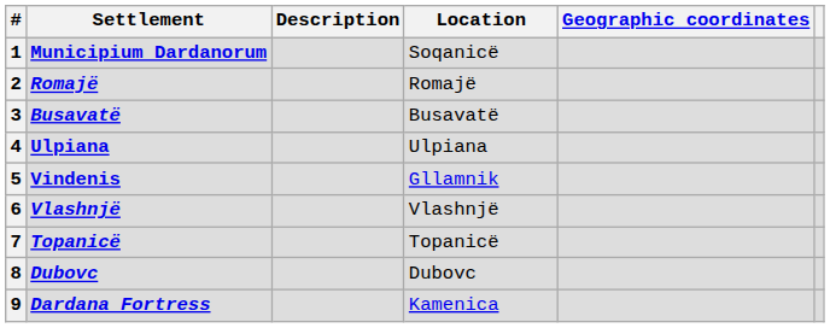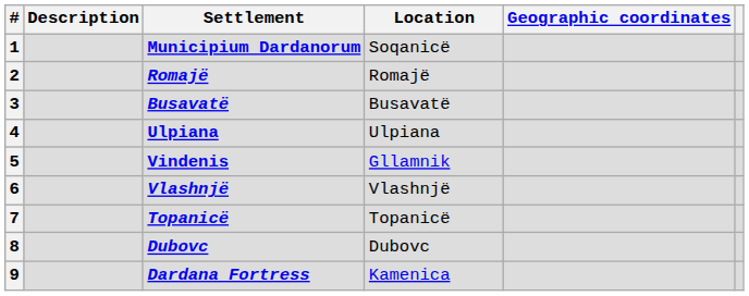 <table class="sortable plainrowheaders wikitable" style="cellspacing=2px; text-align:left; font-size:90%;">
 <tr style="font-size:100%; text-align:right;">
 <th ! scope="col" class="sortable">#</th>
+<th ! scope="col">Description</th>
 <th ! scope="col" class="sortable">Settlement</th>
-<th ! scope="col">Description</th>
 <th ! style="width:90px;" scope="col">Location</th>
 <th ! scope="col"><a href='#'>Geographic coordinates</a></th>
 <th ! scope="col"></th>
 </tr>
 <tr style="background:#ddd">
 <th scope="col">1</th>
+<td></td>
 <td><strong><a href='#'>Municipium Dardanorum</a></strong></td>
-<td></td>
 <td style=text-align:left>Soqanicë</td>
 <td></td>
 <td align=center></td>
 </tr>
 <tr style="background:#ddd">
 <th scope="col">2</th>
+<td></td>
 <td><strong><em><a href='#'>Romajë</a></em></strong></td>
-<td></td>
 <td style=text-align:left>Romajë</td>
 <td></td>
 <td align=center></td>
 </tr>
 <tr style="background:#ddd">
 <th scope="col">3</th>
+<td></td>
 <td><strong><em><a href='#'>Busavatë</a></em></strong></td>
-<td></td>
 <td style=text-align:left>Busavatë</td>
 <td></td>
 <td align=center></td>
 </tr>
 <tr style="background:#ddd">
 <th scope="col">4</th>
+<td></td>
 <td><strong><a href='#'>Ulpiana</a></strong></td>
-<td></td>
 <td style=text-align:left>Ulpiana</td>
 <td></td>
 <td align=center></td>
 </tr>
 <tr style="background:#ddd">
 <th scope="col">5</th>
+<td></td>
 <td><strong><a href='#'>Vindenis</a></strong></td>
-<td></td>
 <td style=text-align:left><a href='#'>Gllamnik</a></td>
 <td></td>
 <td align=center></td>
 </tr>
 <tr style="background:#ddd">
 <th scope="col">6</th>
+<td></td>
 <td><strong><em><a href='#'>Vlashnjë</a></em></strong></td>
-<td></td>
 <td style=text-aling:left>Vlashnjë</td>
 <td></td>
 <td align=center></td>
 </tr>
 <tr style="background:#ddd">
 <th scope="col">7</th>
+<td></td>
 <td><strong><em><a href='#'>Topanicë</a></em></strong></td>
-<td></td>
 <td style-text-align:left>Topanicë</td>
 <td></td>
 <td align=center></td>
 </tr>
 <tr style="background:#ddd">
 <th scope="col">8</th>
+<td></td>
 <td><strong><em><a href='#'>Dubovc</a></em></strong></td>
-<td></td>
 <td style-text-align:left>Dubovc</td>
 <td></td>
 <td align=center></td>
 </tr>
 <tr style="background:#ddd">
 <th scope="col">9</th>
+<td></td>
 <td><strong><em><a href='#'>Dardana Fortress</a></em></strong></td>
-<td></td>
 <td style-text-align:left><a href='#'>Kamenica</a></td>
 <td></td>
 <td align=center></td>
 </tr>
 </table>
